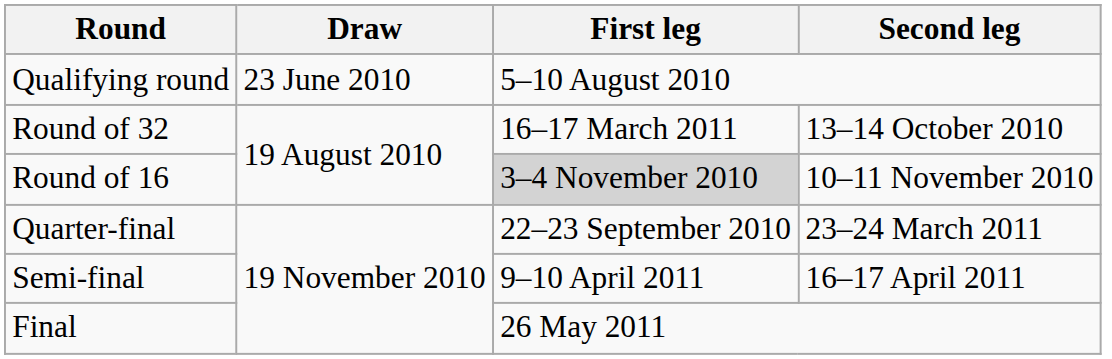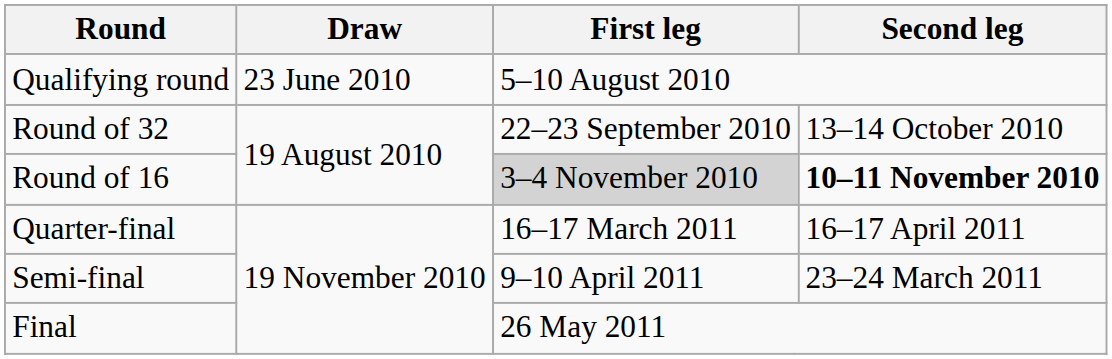 <table class="wikitable">
 <tr>
 <th>Round</th>
 <th>Draw</th>
 <th>First leg</th>
 <th>Second leg</th>
 </tr>
 <tr>
 <td>Qualifying round</td>
 <td>23 June 2010</td>
 <td colspan=2>5–10 August 2010</td>
 </tr>
 <tr>
 <td>Round of 32</td>
 <td rowspan=2>19 August 2010</td>
-<td>16–17 March 2011</td>
+<td>22–23 September 2010</td>
 <td>13–14 October 2010</td>
 </tr>
 <tr>
 <td>Round of 16</td>
 <td style="background: lightgrey;">3–4 November 2010</td>
-<td>10–11 November 2010</td>
+<td><strong>10–11 November 2010</strong></td>
 </tr>
 <tr>
 <td>Quarter-final</td>
 <td rowspan=3>19 November 2010</td>
-<td>22–23 September 2010</td>
-<td>23–24 March 2011</td>
+<td>16–17 March 2011</td>
+<td>16–17 April 2011</td>
 </tr>
 <tr>
 <td>Semi-final</td>
 <td>9–10 April 2011</td>
-<td>16–17 April 2011</td>
+<td>23–24 March 2011</td>
 </tr>
 <tr>
 <td>Final</td>
 <td colspan=2>26 May 2011</td>
 </tr>
 </table>
